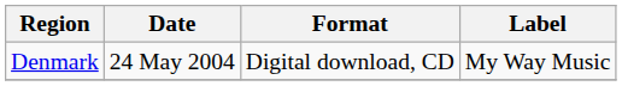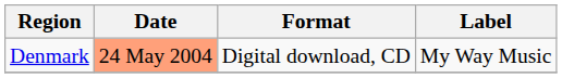 <table class=wikitable>
 <tr>
 <th>Region</th>
 <th>Date</th>
 <th>Format</th>
 <th>Label</th>
 </tr>
 <tr>
 <td><a href='#'>Denmark</a></td>
-<td>24 May 2004</td>
+<td style="background: lightsalmon;">24 May 2004</td>
 <td>Digital download, CD</td>
 <td>My Way Music</td>
 </tr>
 <tr>
 </tr>
 </table>
